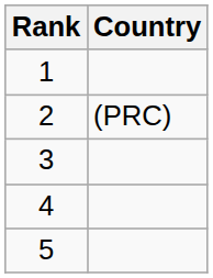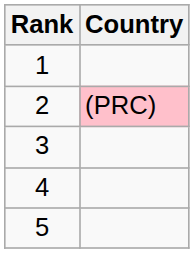 <table class="wikitable sortable" border="1" style="text-align:center; font-size:100%">
 <tr style="background:#ececec;">
 <th>Rank</th>
 <th>Country</th>
 </tr>
 <tr>
 <td>1</td>
 <td style="text-align:left;"></td>
 </tr>
 <tr>
 <td>2</td>
-<td style="text-align:left;"> (PRC)</td>
+<td style="background: pink; text-align:left;"> (PRC)</td>
 </tr>
 <tr>
 <td>3</td>
 <td style="text-align:left;"></td>
 </tr>
 <tr>
 <td>4</td>
 <td style="text-align:left;"></td>
 </tr>
 <tr>
 <td>5</td>
 <td style="text-align:left;"></td>
 </tr>
 </table>
